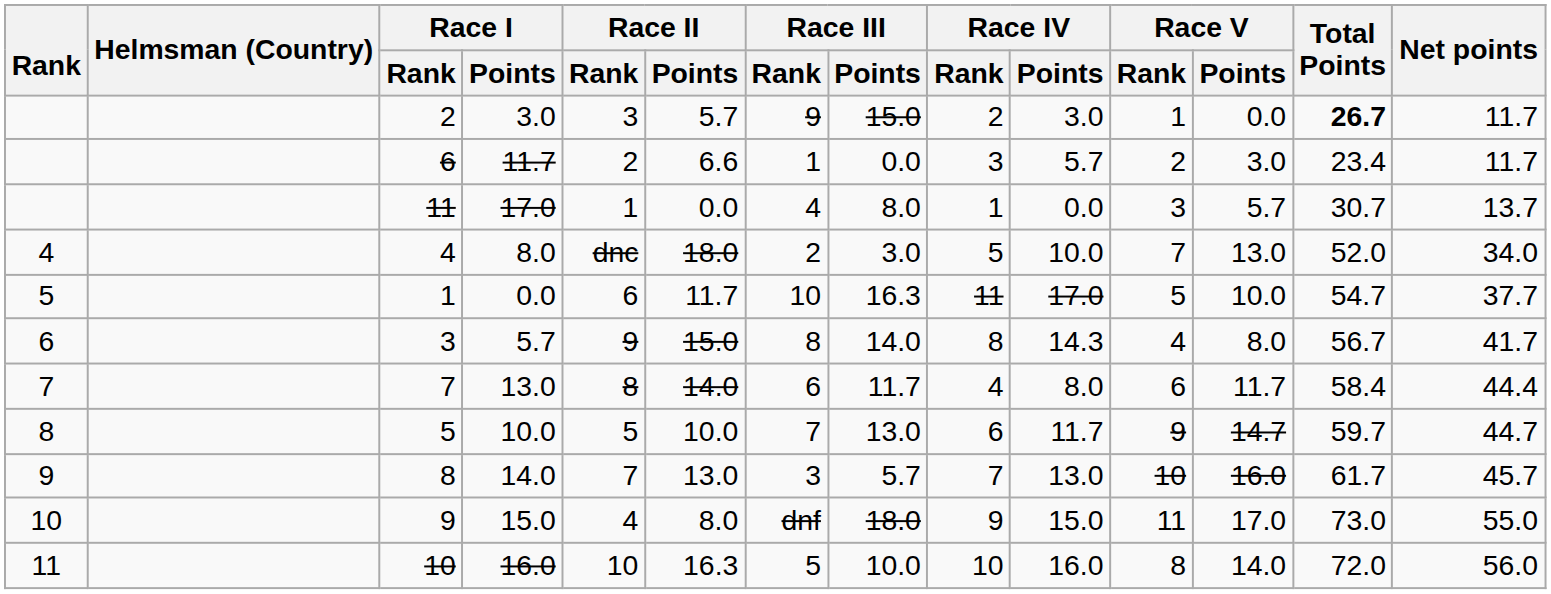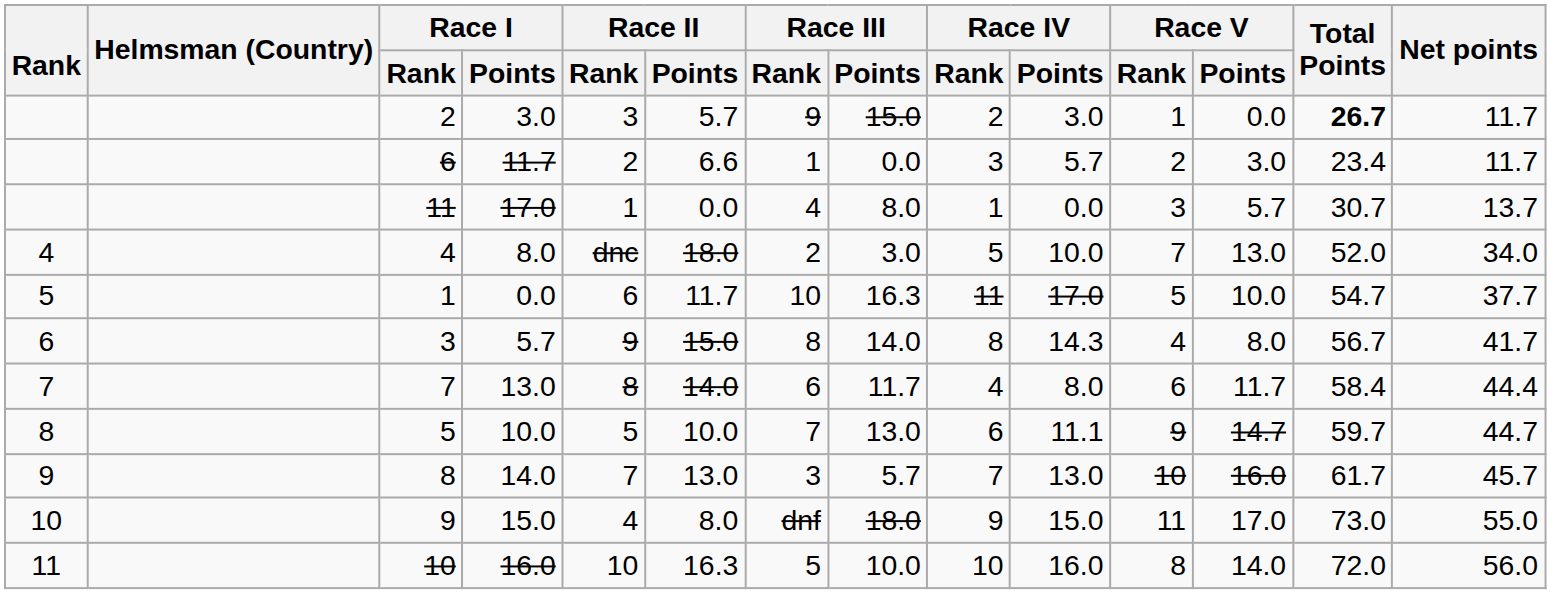 <table class="wikitable" style="text-align:right; font-size:90%">
 <tr>
 <th rowspan=2><br>Rank</th>
 <th rowspan=2>Helmsman (Country)</th>
 <th colspan=2>Race I</th>
 <th colspan=2>Race II</th>
 <th colspan=2>Race III</th>
 <th colspan=2>Race IV</th>
 <th colspan=2>Race V</th>
 <th rowspan=2>Total <br>Points <br></th>
 <th rowspan=2>Net points</th>
 </tr>
 <tr>
 <th>Rank</th>
 <th>Points</th>
 <th>Rank</th>
 <th>Points</th>
 <th>Rank</th>
 <th>Points</th>
 <th>Rank</th>
 <th>Points</th>
 <th>Rank</th>
 <th>Points</th>
 </tr>
 <tr style="vertical-align:top;">
 <td align=center></td>
 <td align=left></td>
 <td>2</td>
 <td>3.0</td>
 <td>3</td>
 <td>5.7</td>
 <td><s>9</s></td>
 <td><s>15.0</s></td>
 <td>2</td>
 <td>3.0</td>
 <td>1</td>
 <td>0.0</td>
 <td><strong>26.7</strong></td>
 <td>11.7</td>
 </tr>
 <tr>
 <td align=center></td>
 <td align=left></td>
 <td><s>6</s></td>
 <td><s>11.7</s></td>
 <td>2</td>
 <td>6.6</td>
 <td>1</td>
 <td>0.0</td>
 <td>3</td>
 <td>5.7</td>
 <td>2</td>
 <td>3.0</td>
 <td>23.4</td>
 <td>11.7</td>
 </tr>
 <tr>
 <td align=center></td>
 <td align=left></td>
 <td><s>11</s></td>
 <td><s>17.0</s></td>
 <td>1</td>
 <td>0.0</td>
 <td>4</td>
 <td>8.0</td>
 <td>1</td>
 <td>0.0</td>
 <td>3</td>
 <td>5.7</td>
 <td>30.7</td>
 <td>13.7</td>
 </tr>
 <tr>
 <td align=center>4</td>
 <td align=left></td>
 <td>4</td>
 <td>8.0</td>
 <td><s>dnc</s></td>
 <td><s>18.0</s></td>
 <td>2</td>
 <td>3.0</td>
 <td>5</td>
 <td>10.0</td>
 <td>7</td>
 <td>13.0</td>
 <td>52.0</td>
 <td>34.0</td>
 </tr>
 <tr>
 <td align=center>5</td>
 <td align=left></td>
 <td>1</td>
 <td>0.0</td>
 <td>6</td>
 <td>11.7</td>
 <td>10</td>
 <td>16.3</td>
 <td><s>11</s></td>
 <td><s>17.0</s></td>
 <td>5</td>
 <td>10.0</td>
 <td>54.7</td>
 <td>37.7</td>
 </tr>
 <tr>
 <td align=center>6</td>
 <td align=left></td>
 <td>3</td>
 <td>5.7</td>
 <td><s>9</s></td>
 <td><s>15.0</s></td>
 <td>8</td>
 <td>14.0</td>
 <td>8</td>
 <td>14.3</td>
 <td>4</td>
 <td>8.0</td>
 <td>56.7</td>
 <td>41.7</td>
 </tr>
 <tr>
 <td align=center>7</td>
 <td align=left></td>
 <td>7</td>
 <td>13.0</td>
 <td><s>8</s></td>
 <td><s>14.0</s></td>
 <td>6</td>
 <td>11.7</td>
 <td>4</td>
 <td>8.0</td>
 <td>6</td>
 <td>11.7</td>
 <td>58.4</td>
 <td>44.4</td>
 </tr>
 <tr>
 <td align=center>8</td>
 <td align=left></td>
 <td>5</td>
 <td>10.0</td>
 <td>5</td>
 <td>10.0</td>
 <td>7</td>
 <td>13.0</td>
 <td>6</td>
-<td>11.7</td>
+<td>11.1</td>
 <td><s>9</s></td>
 <td><s>14.7</s></td>
 <td>59.7</td>
 <td>44.7</td>
 </tr>
 <tr>
 <td align=center>9</td>
 <td align=left></td>
 <td>8</td>
 <td>14.0</td>
 <td>7</td>
 <td>13.0</td>
 <td>3</td>
 <td>5.7</td>
 <td>7</td>
 <td>13.0</td>
 <td><s>10</s></td>
 <td><s>16.0</s></td>
 <td>61.7</td>
 <td>45.7</td>
 </tr>
 <tr>
 <td align=center>10</td>
 <td align=left></td>
 <td>9</td>
 <td>15.0</td>
 <td>4</td>
 <td>8.0</td>
 <td><s>dnf</s></td>
 <td><s>18.0</s></td>
 <td>9</td>
 <td>15.0</td>
 <td>11</td>
 <td>17.0</td>
 <td>73.0</td>
 <td>55.0</td>
 </tr>
 <tr>
 <td align=center>11</td>
 <td align=left></td>
 <td><s>10</s></td>
 <td><s>16.0</s></td>
 <td>10</td>
 <td>16.3</td>
 <td>5</td>
 <td>10.0</td>
 <td>10</td>
 <td>16.0</td>
 <td>8</td>
 <td>14.0</td>
 <td>72.0</td>
 <td>56.0</td>
 </tr>
 </table>
